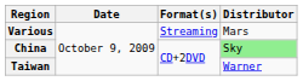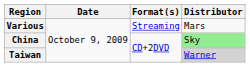 <table class="wikitable plainrowheaders">
 <tr>
 <th>Region</th>
 <th>Date</th>
 <th>Format(s)</th>
 <th>Distributor</th>
 </tr>
 <tr>
 <th scope="row">Various</th>
 <td rowspan="3">October 9, 2009</td>
 <td><a href='#'>Streaming</a></td>
 <td>Mars</td>
 </tr>
 <tr>
 <th scope="row">China</th>
 <td rowspan="2"><a href='#'>CD</a>+2<a href='#'>DVD</a></td>
 <td style="background: lightgreen;">Sky</td>
 </tr>
 <tr>
 <th scope="row">Taiwan</th>
-<td><a href='#'>Warner</a></td>
+<td style="background: lightgrey;"><a href='#'>Warner</a></td>
 </tr>
 </table>
